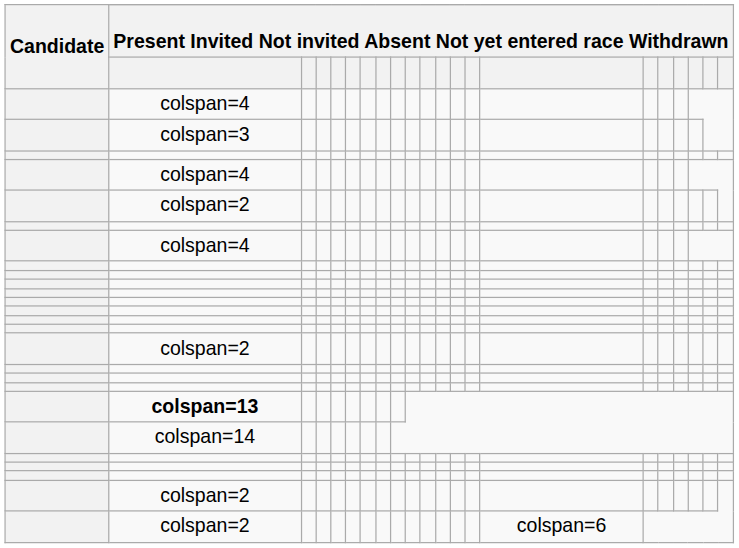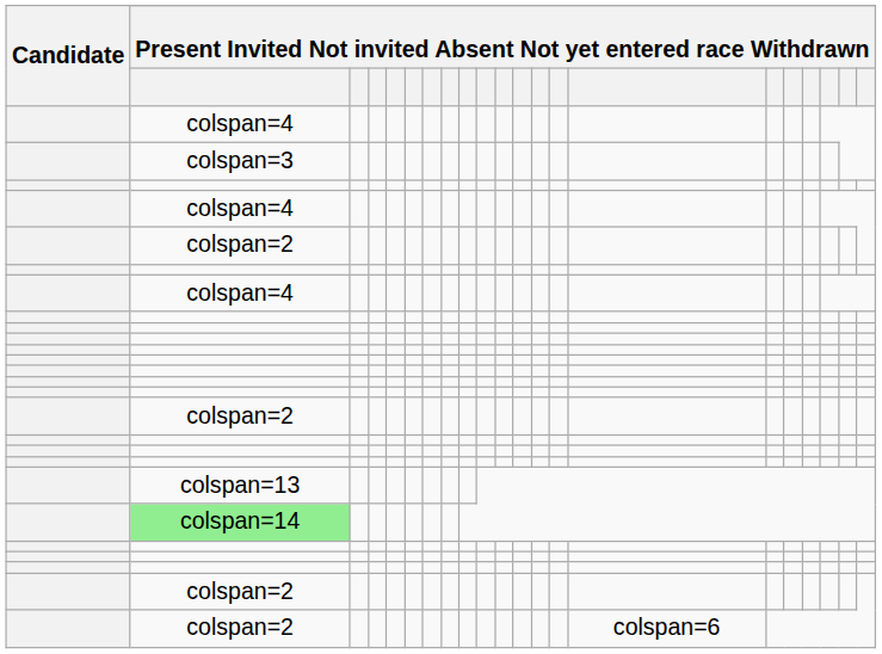 <table class="wikitable sortable" style="text-align:center;margin:auto">
 <tr>
 <th rowspan=3>Candidate</th>
 </tr>
 <tr>
 <th colspan=20 style="color:black; vertical-align:top; text-align:center" class="table-no"><br> Present  Invited  Not invited  Absent  Not yet entered race  Withdrawn</th>
 </tr>
 <tr>
 <th><br></th>
 <th><br></th>
 <th><br></th>
 <th><br></th>
 <th><br></th>
 <th><br></th>
 <th><br></th>
 <th><br></th>
 <th><br></th>
 <th><br></th>
 <th><br></th>
 <th><br></th>
 <th><br></th>
 <th><br></th>
 <th><br></th>
 <th><br></th>
 <th><br></th>
 <th><br></th>
 <th><br></th>
 <th><br></th>
 </tr>
 <tr>
 <th nowrap style="text-align:left"></th>
 <td>colspan=4 </td>
 <td></td>
 <td></td>
 <td></td>
 <td></td>
 <td></td>
 <td></td>
 <td></td>
 <td></td>
 <td></td>
 <td></td>
 <td></td>
 <td></td>
 <td></td>
 <td></td>
 <td></td>
 <td></td>
 </tr>
 <tr>
 <th nowrap style="text-align:left"></th>
 <td>colspan=3 </td>
 <td></td>
 <td></td>
 <td></td>
 <td></td>
 <td></td>
 <td></td>
 <td></td>
 <td></td>
 <td></td>
 <td></td>
 <td></td>
 <td></td>
 <td></td>
 <td></td>
 <td></td>
 <td></td>
 <td></td>
 </tr>
 <tr>
 <th nowrap style="text-align:left"></th>
 <td></td>
 <td></td>
 <td></td>
 <td></td>
 <td></td>
 <td></td>
 <td></td>
 <td></td>
 <td></td>
 <td></td>
 <td></td>
 <td></td>
 <td></td>
 <td></td>
 <td></td>
 <td></td>
 <td></td>
 <td></td>
 <td></td>
 <td></td>
 </tr>
 <tr>
 <th nowrap style="text-align:left"></th>
 <td>colspan=4 </td>
 <td></td>
 <td></td>
 <td></td>
 <td></td>
 <td></td>
 <td></td>
 <td></td>
 <td></td>
 <td></td>
 <td></td>
 <td></td>
 <td></td>
 <td></td>
 <td></td>
 <td></td>
 <td></td>
 </tr>
 <tr>
 <th nowrap style="text-align:left"></th>
 <td>colspan=2 </td>
 <td></td>
 <td></td>
 <td></td>
 <td></td>
 <td></td>
 <td></td>
 <td></td>
 <td></td>
 <td></td>
 <td></td>
 <td></td>
 <td></td>
 <td></td>
 <td></td>
 <td></td>
 <td></td>
 <td></td>
 <td></td>
 </tr>
 <tr>
 <th nowrap style="text-align:left"></th>
 <td></td>
 <td></td>
 <td></td>
 <td></td>
 <td></td>
 <td></td>
 <td></td>
 <td></td>
 <td></td>
 <td></td>
 <td></td>
 <td></td>
 <td></td>
 <td></td>
 <td></td>
 <td></td>
 <td></td>
 <td></td>
 <td></td>
 <td></td>
 </tr>
 <tr>
 <th nowrap style="text-align:left"></th>
 <td>colspan=4 </td>
 <td></td>
 <td></td>
 <td></td>
 <td></td>
 <td></td>
 <td></td>
 <td></td>
 <td></td>
 <td></td>
 <td></td>
 <td></td>
 <td></td>
 <td></td>
 <td></td>
 <td></td>
 <td></td>
 </tr>
 <tr>
 <th nowrap style="text-align:left"></th>
 <td></td>
 <td></td>
 <td></td>
 <td></td>
 <td></td>
 <td></td>
 <td></td>
 <td></td>
 <td></td>
 <td></td>
 <td></td>
 <td></td>
 <td></td>
 <td></td>
 <td></td>
 <td></td>
 <td></td>
 <td></td>
 <td></td>
 <td></td>
 </tr>
 <tr>
 <th nowrap style="text-align:left"></th>
 <td></td>
 <td></td>
 <td></td>
 <td></td>
 <td></td>
 <td></td>
 <td></td>
 <td></td>
 <td></td>
 <td></td>
 <td></td>
 <td></td>
 <td></td>
 <td></td>
 <td></td>
 <td></td>
 <td></td>
 <td></td>
 <td></td>
 <td></td>
 </tr>
 <tr>
 <th nowrap style="text-align:left"></th>
 <td></td>
 <td></td>
 <td></td>
 <td></td>
 <td></td>
 <td></td>
 <td></td>
 <td></td>
 <td></td>
 <td></td>
 <td></td>
 <td></td>
 <td></td>
 <td></td>
 <td></td>
 <td></td>
 <td></td>
 <td></td>
 <td></td>
 <td></td>
 </tr>
 <tr>
 <th nowrap style="text-align:left"></th>
 <td></td>
 <td></td>
 <td></td>
 <td></td>
 <td></td>
 <td></td>
 <td></td>
 <td></td>
 <td></td>
 <td></td>
 <td></td>
 <td></td>
 <td></td>
 <td></td>
 <td></td>
 <td></td>
 <td></td>
 <td></td>
 <td></td>
 <td></td>
 </tr>
 <tr>
 <th nowrap style="text-align:left"></th>
 <td></td>
 <td></td>
 <td></td>
 <td></td>
 <td></td>
 <td></td>
 <td></td>
 <td></td>
 <td></td>
 <td></td>
 <td></td>
 <td></td>
 <td></td>
 <td></td>
 <td></td>
 <td></td>
 <td></td>
 <td></td>
 <td></td>
 <td></td>
 </tr>
 <tr>
 <th nowrap style="text-align:left"></th>
 <td></td>
 <td></td>
 <td></td>
 <td></td>
 <td></td>
 <td></td>
 <td></td>
 <td></td>
 <td></td>
 <td></td>
 <td></td>
 <td></td>
 <td></td>
 <td></td>
 <td></td>
 <td></td>
 <td></td>
 <td></td>
 <td></td>
 <td></td>
 </tr>
 <tr>
 <th nowrap style="text-align:left"></th>
 <td></td>
 <td></td>
 <td></td>
 <td></td>
 <td></td>
 <td></td>
 <td></td>
 <td></td>
 <td></td>
 <td></td>
 <td></td>
 <td></td>
 <td></td>
 <td></td>
 <td></td>
 <td></td>
 <td></td>
 <td></td>
 <td></td>
 <td></td>
 </tr>
 <tr>
 <th nowrap style="text-align:left"></th>
 <td></td>
 <td></td>
 <td></td>
 <td></td>
 <td></td>
 <td></td>
 <td></td>
 <td></td>
 <td></td>
 <td></td>
 <td></td>
 <td></td>
 <td></td>
 <td></td>
 <td></td>
 <td></td>
 <td></td>
 <td></td>
 <td></td>
 <td></td>
 </tr>
 <tr>
 <th nowrap style="text-align:left"></th>
 <td>colspan=2 </td>
 <td></td>
 <td></td>
 <td></td>
 <td></td>
 <td></td>
 <td></td>
 <td></td>
 <td></td>
 <td></td>
 <td></td>
 <td></td>
 <td></td>
 <td></td>
 <td></td>
 <td></td>
 <td></td>
 <td></td>
 <td></td>
 </tr>
 <tr>
 <th nowrap style="text-align:left"></th>
 <td></td>
 <td></td>
 <td></td>
 <td></td>
 <td></td>
 <td></td>
 <td></td>
 <td></td>
 <td></td>
 <td></td>
 <td></td>
 <td></td>
 <td></td>
 <td></td>
 <td></td>
 <td></td>
 <td></td>
 <td></td>
 <td></td>
 <td></td>
 </tr>
 <tr>
 <th nowrap style="text-align:left"></th>
 <td></td>
 <td></td>
 <td></td>
 <td></td>
 <td></td>
 <td></td>
 <td></td>
 <td></td>
 <td></td>
 <td></td>
 <td></td>
 <td></td>
 <td></td>
 <td></td>
 <td></td>
 <td></td>
 <td></td>
 <td></td>
 <td></td>
 <td></td>
 </tr>
 <tr>
 <th nowrap style="text-align:left"></th>
 <td></td>
 <td></td>
 <td></td>
 <td></td>
 <td></td>
 <td></td>
 <td></td>
 <td></td>
 <td></td>
 <td></td>
 <td></td>
 <td></td>
 <td></td>
 <td></td>
 <td></td>
 <td></td>
 <td></td>
 <td></td>
 <td></td>
 <td></td>
 </tr>
 <tr>
 <th nowrap style="text-align:left"></th>
-<td><strong>colspan=13 </strong></td>
+<td>colspan=13 </td>
 <td></td>
 <td></td>
 <td></td>
 <td></td>
 <td></td>
 <td></td>
 <td></td>
 </tr>
 <tr>
 <th nowrap style="text-align:left"></th>
-<td>colspan=14 </td>
+<td style="background: lightgreen;">colspan=14 </td>
 <td></td>
 <td></td>
 <td></td>
 <td></td>
 <td></td>
 <td></td>
 </tr>
 <tr>
 <th nowrap style="text-align:left"></th>
 <td></td>
 <td></td>
 <td></td>
 <td></td>
 <td></td>
 <td></td>
 <td></td>
 <td></td>
 <td></td>
 <td></td>
 <td></td>
 <td></td>
 <td></td>
 <td></td>
 <td></td>
 <td></td>
 <td></td>
 <td></td>
 <td></td>
 <td></td>
 </tr>
 <tr>
 <th nowrap style="text-align:left"></th>
 <td></td>
 <td></td>
 <td></td>
 <td></td>
 <td></td>
 <td></td>
 <td></td>
 <td></td>
 <td></td>
 <td></td>
 <td></td>
 <td></td>
 <td></td>
 <td></td>
 <td></td>
 <td></td>
 <td></td>
 <td></td>
 <td></td>
 <td></td>
 </tr>
 <tr>
 <th nowrap style="text-align:left"></th>
 <td></td>
 <td></td>
 <td></td>
 <td></td>
 <td></td>
 <td></td>
 <td></td>
 <td></td>
 <td></td>
 <td></td>
 <td></td>
 <td></td>
 <td></td>
 <td></td>
 <td></td>
 <td></td>
 <td></td>
 <td></td>
 <td></td>
 <td></td>
 </tr>
 <tr>
 <th nowrap style="text-align:left"></th>
 <td>colspan=2 </td>
 <td></td>
 <td></td>
 <td></td>
 <td></td>
 <td></td>
 <td></td>
 <td></td>
 <td></td>
 <td></td>
 <td></td>
 <td></td>
 <td></td>
 <td></td>
 <td></td>
 <td></td>
 <td></td>
 <td></td>
 <td></td>
 </tr>
 <tr>
 <th nowrap style="text-align:left"></th>
 <td>colspan=2 </td>
 <td></td>
 <td></td>
 <td></td>
 <td></td>
 <td></td>
 <td></td>
 <td></td>
 <td></td>
 <td></td>
 <td></td>
 <td></td>
 <td></td>
 <td>colspan=6 </td>
 </tr>
 </table>
